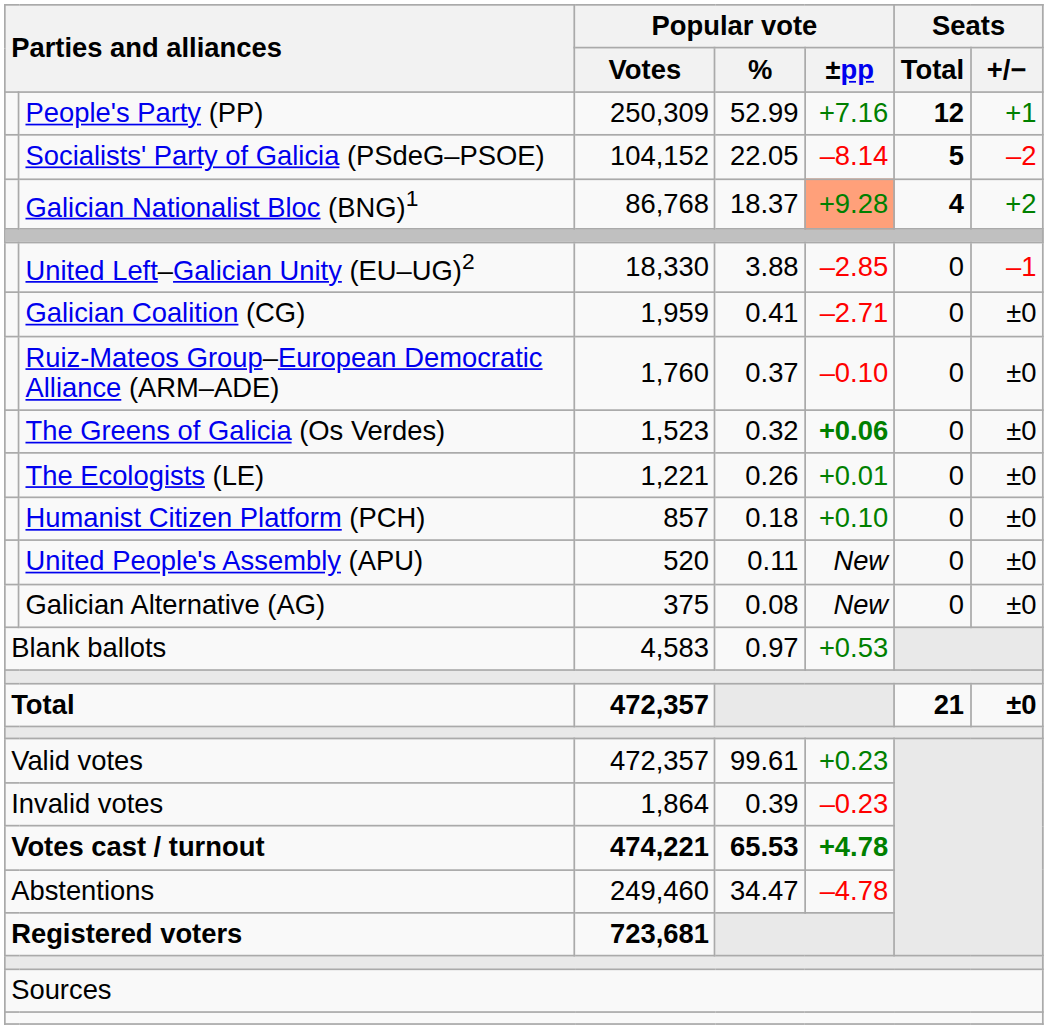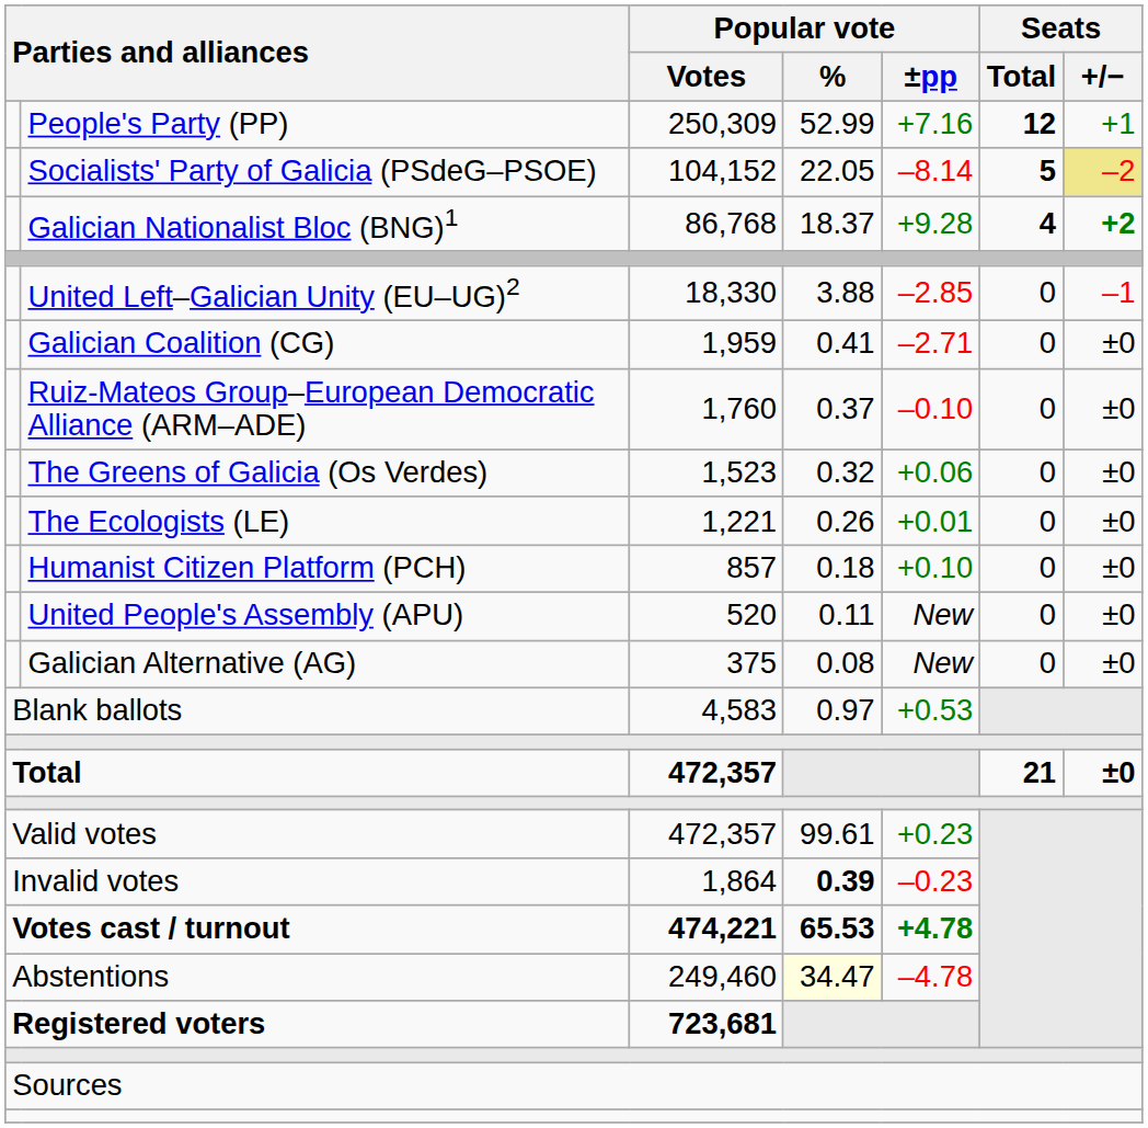 <table class="wikitable" style="text-align:right;">
 <tr>
 <th style="text-align:left;" rowspan="2" colspan="2" width="525">Parties and alliances</th>
 <th colspan="3">Popular vote</th>
 <th colspan="2">Seats</th>
 </tr>
 <tr>
 <th width="75">Votes</th>
 <th width="45">%</th>
 <th width="45">±<a href='#'>pp</a></th>
 <th width="35">Total</th>
 <th width="35">+/−</th>
 </tr>
 <tr>
 <td width="1" style="color:inherit;background:"></td>
 <td align="left"><a href='#'>People's Party</a> (PP)</td>
 <td>250,309</td>
 <td>52.99</td>
 <td style="color:green;">+7.16</td>
 <td><strong>12</strong></td>
 <td style="color:green;">+1</td>
 </tr>
 <tr>
 <td style="color:inherit;background:"></td>
 <td align="left"><a href='#'>Socialists' Party of Galicia</a> (PSdeG–PSOE)</td>
 <td>104,152</td>
 <td>22.05</td>
 <td style="color:red;">–8.14</td>
 <td><strong>5</strong></td>
-<td style="color:red;">–2</td>
+<td style="background: khaki; color:red;">–2</td>
 </tr>
 <tr>
 <td style="color:inherit;background:"></td>
 <td align="left"><a href='#'>Galician Nationalist Bloc</a> (BNG)<sup>1</sup></td>
 <td>86,768</td>
 <td>18.37</td>
-<td style="background: lightsalmon; color:green;">+9.28</td>
+<td style="color:green;">+9.28</td>
 <td><strong>4</strong></td>
-<td style="color:green;">+2</td>
+<td style="color:green;"><strong>+2</strong></td>
 </tr>
 <tr>
 <td colspan="7" bgcolor="#C0C0C0"></td>
 </tr>
 <tr>
 <td style="color:inherit;background:"></td>
 <td align="left"><a href='#'>United Left</a>–<a href='#'>Galician Unity</a> (EU–UG)<sup>2</sup></td>
 <td>18,330</td>
 <td>3.88</td>
 <td style="color:red;">–2.85</td>
 <td>0</td>
 <td style="color:red;">–1</td>
 </tr>
 <tr>
 <td style="color:inherit;background:"></td>
 <td align="left"><a href='#'>Galician Coalition</a> (CG)</td>
 <td>1,959</td>
 <td>0.41</td>
 <td style="color:red;">–2.71</td>
 <td>0</td>
 <td>±0</td>
 </tr>
 <tr>
 <td style="color:inherit;background:"></td>
 <td align="left"><a href='#'>Ruiz-Mateos Group</a>–<a href='#'>European Democratic Alliance</a> (ARM–ADE)</td>
 <td>1,760</td>
 <td>0.37</td>
 <td style="color:red;">–0.10</td>
 <td>0</td>
 <td>±0</td>
 </tr>
 <tr>
 <td style="color:inherit;background:"></td>
 <td align="left"><a href='#'>The Greens of Galicia</a> (Os Verdes)</td>
 <td>1,523</td>
 <td>0.32</td>
-<td style="color:green;"><strong>+0.06</strong></td>
+<td style="color:green;">+0.06</td>
 <td>0</td>
 <td>±0</td>
 </tr>
 <tr>
 <td style="color:inherit;background:"></td>
 <td align="left"><a href='#'>The Ecologists</a> (LE)</td>
 <td>1,221</td>
 <td>0.26</td>
 <td style="color:green;">+0.01</td>
 <td>0</td>
 <td>±0</td>
 </tr>
 <tr>
 <td style="color:inherit;background:"></td>
 <td align="left"><a href='#'>Humanist Citizen Platform</a> (PCH)</td>
 <td>857</td>
 <td>0.18</td>
 <td style="color:green;">+0.10</td>
 <td>0</td>
 <td>±0</td>
 </tr>
 <tr>
 <td style="color:inherit;background:"></td>
 <td align="left"><a href='#'>United People's Assembly</a> (APU)</td>
 <td>520</td>
 <td>0.11</td>
 <td><em>New</em></td>
 <td>0</td>
 <td>±0</td>
 </tr>
 <tr>
 <td style="color:inherit;background:"></td>
 <td align="left">Galician Alternative (AG)</td>
 <td>375</td>
 <td>0.08</td>
 <td><em>New</em></td>
 <td>0</td>
 <td>±0</td>
 </tr>
 <tr>
 <td align="left" colspan="2">Blank ballots</td>
 <td>4,583</td>
 <td>0.97</td>
 <td style="color:green;">+0.53</td>
 <td bgcolor="#E9E9E9" colspan="2"></td>
 </tr>
 <tr>
 <td colspan="7" bgcolor="#E9E9E9"></td>
 </tr>
 <tr style="font-weight:bold;">
 <td align="left" colspan="2">Total</td>
 <td>472,357</td>
 <td bgcolor="#E9E9E9" colspan="2"></td>
 <td>21</td>
 <td>±0</td>
 </tr>
 <tr>
 <td colspan="7" bgcolor="#E9E9E9"></td>
 </tr>
 <tr>
 <td align="left" colspan="2">Valid votes</td>
 <td>472,357</td>
 <td>99.61</td>
 <td style="color:green;">+0.23</td>
 <td bgcolor="#E9E9E9" colspan="7" rowspan="5"></td>
 </tr>
 <tr>
 <td align="left" colspan="2">Invalid votes</td>
 <td>1,864</td>
-<td>0.39</td>
+<td><strong>0.39</strong></td>
 <td style="color:red;">–0.23</td>
 </tr>
 <tr style="font-weight:bold;">
 <td align="left" colspan="2">Votes cast / turnout</td>
 <td>474,221</td>
 <td>65.53</td>
 <td style="color:green;">+4.78</td>
 </tr>
 <tr>
 <td align="left" colspan="2">Abstentions</td>
 <td>249,460</td>
-<td>34.47</td>
+<td style="background: lightyellow;">34.47</td>
 <td style="color:red;">–4.78</td>
 </tr>
 <tr style="font-weight:bold;">
 <td align="left" colspan="2">Registered voters</td>
 <td>723,681</td>
 <td bgcolor="#E9E9E9" colspan="2"></td>
 </tr>
 <tr>
 <td colspan="7" bgcolor="#E9E9E9"></td>
 </tr>
 <tr>
 <td align="left" colspan="7">Sources</td>
 </tr>
 <tr>
 <td colspan="7" style="text-align:left; max-width:790px;"></td>
 </tr>
 </table>
